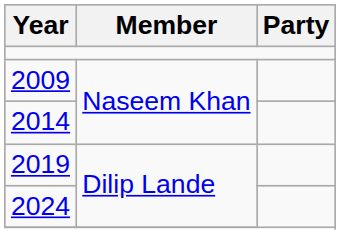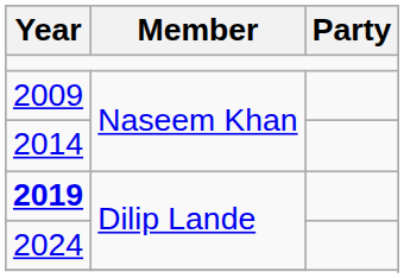 <table class="wikitable">
 <tr>
 <th>Year</th>
 <th>Member</th>
 <th colspan="2">Party</th>
 </tr>
 <tr>
 <td colspan=4></td>
 </tr>
 <tr>
 <td><a href='#'>2009</a></td>
 <td rowspan="2"><a href='#'>Naseem Khan</a></td>
 <td></td>
 </tr>
 <tr>
 <td><a href='#'>2014</a></td>
 </tr>
 <tr>
-<td><a href='#'>2019</a></td>
+<td><strong><a href='#'>2019</a></strong></td>
 <td Rowspan=2><a href='#'>Dilip Lande</a></td>
 <td></td>
 </tr>
 <tr>
 <td><a href='#'>2024</a></td>
 </tr>
 <tr>
 </tr>
 </table>
